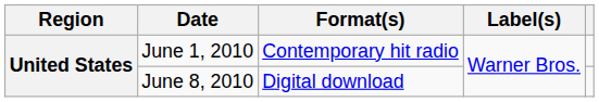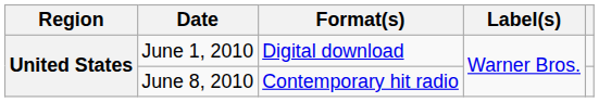 <table class="wikitable plainrowheaders">
 <tr>
 <th scope="col">Region</th>
 <th scope="col">Date</th>
 <th scope="col">Format(s)</th>
 <th scope="col">Label(s)</th>
 <th scope="col"></th>
 </tr>
 <tr>
 <th scope="row" rowspan="2">United States</th>
 <td>June 1, 2010</td>
-<td><a href='#'>Contemporary hit radio</a></td>
+<td><a href='#'>Digital download</a></td>
 <td rowspan="2"><a href='#'>Warner Bros.</a></td>
 <td></td>
 </tr>
 <tr>
 <td>June 8, 2010</td>
-<td><a href='#'>Digital download</a></td>
+<td><a href='#'>Contemporary hit radio</a></td>
 <td></td>
 </tr>
 </table>
